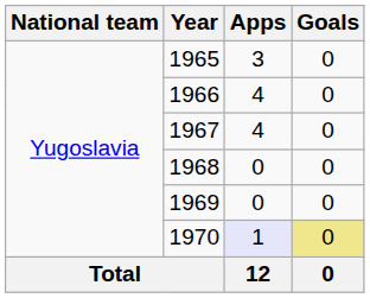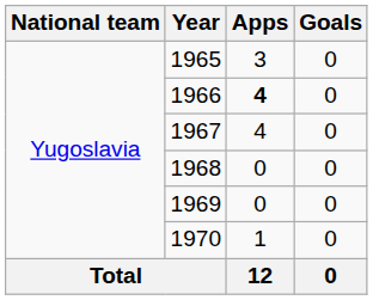 <table class="wikitable" style="text-align:center">
 <tr>
 <th>National team</th>
 <th>Year</th>
 <th>Apps</th>
 <th>Goals</th>
 </tr>
 <tr>
 <td rowspan="6"><a href='#'>Yugoslavia</a></td>
 <td>1965</td>
 <td>3</td>
 <td>0</td>
 </tr>
 <tr>
 <td>1966</td>
-<td>4</td>
+<td><strong>4</strong></td>
 <td>0</td>
 </tr>
 <tr>
 <td>1967</td>
 <td>4</td>
 <td>0</td>
 </tr>
 <tr>
 <td>1968</td>
 <td>0</td>
 <td>0</td>
 </tr>
 <tr>
 <td>1969</td>
 <td>0</td>
 <td>0</td>
 </tr>
 <tr>
 <td>1970</td>
-<td style="background: lavender;">1</td>
-<td style="background: khaki;">0</td>
+<td>1</td>
+<td>0</td>
 </tr>
 <tr>
 <th colspan="2">Total</th>
 <th>12</th>
 <th>0</th>
 </tr>
 </table>
